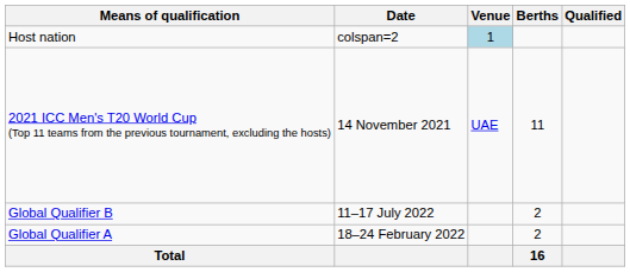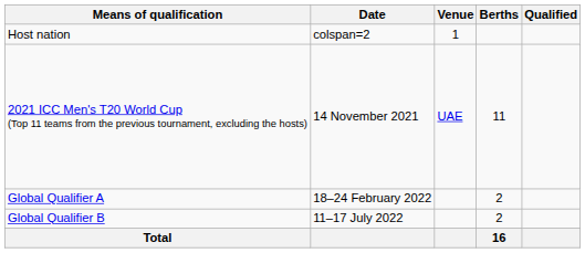 <table class="wikitable">
 <tr>
 <th>Means of qualification</th>
 <th>Date</th>
 <th>Venue</th>
 <th>Berths</th>
 <th>Qualified</th>
 </tr>
 <tr>
 <td>Host nation</td>
 <td>colspan=2 </td>
-<td style="background: lightblue; text-align:center">1</td>
+<td style="text-align:center">1</td>
 <td></td>
 </tr>
 <tr>
 <td><a href='#'>2021 ICC Men's T20 World Cup</a><br><small>(Top 11 teams from the previous tournament, excluding the hosts)</small></td>
 <td>14 November 2021</td>
 <td nowrap> <a href='#'>UAE</a><br></td>
 <td style="text-align:center">11</td>
 <td nowrap><br><br><br><br><br><br><br><br><br><br></td>
 </tr>
 <tr>
-<td><a href='#'>Global Qualifier B</a></td>
-<td>11–17 July 2022</td>
+<td><a href='#'>Global Qualifier A</a></td>
+<td>18–24 February 2022</td>
 <td nowrap></td>
 <td style="text-align:center">2</td>
 <td><br></td>
 </tr>
 <tr>
-<td><a href='#'>Global Qualifier A</a></td>
-<td>18–24 February 2022</td>
+<td><a href='#'>Global Qualifier B</a></td>
+<td>11–17 July 2022</td>
 <td nowrap></td>
 <td style="text-align:center">2</td>
 <td><br></td>
 </tr>
 <tr>
 <th>Total</th>
 <th></th>
 <th></th>
 <th>16</th>
 <th></th>
 </tr>
 </table>
